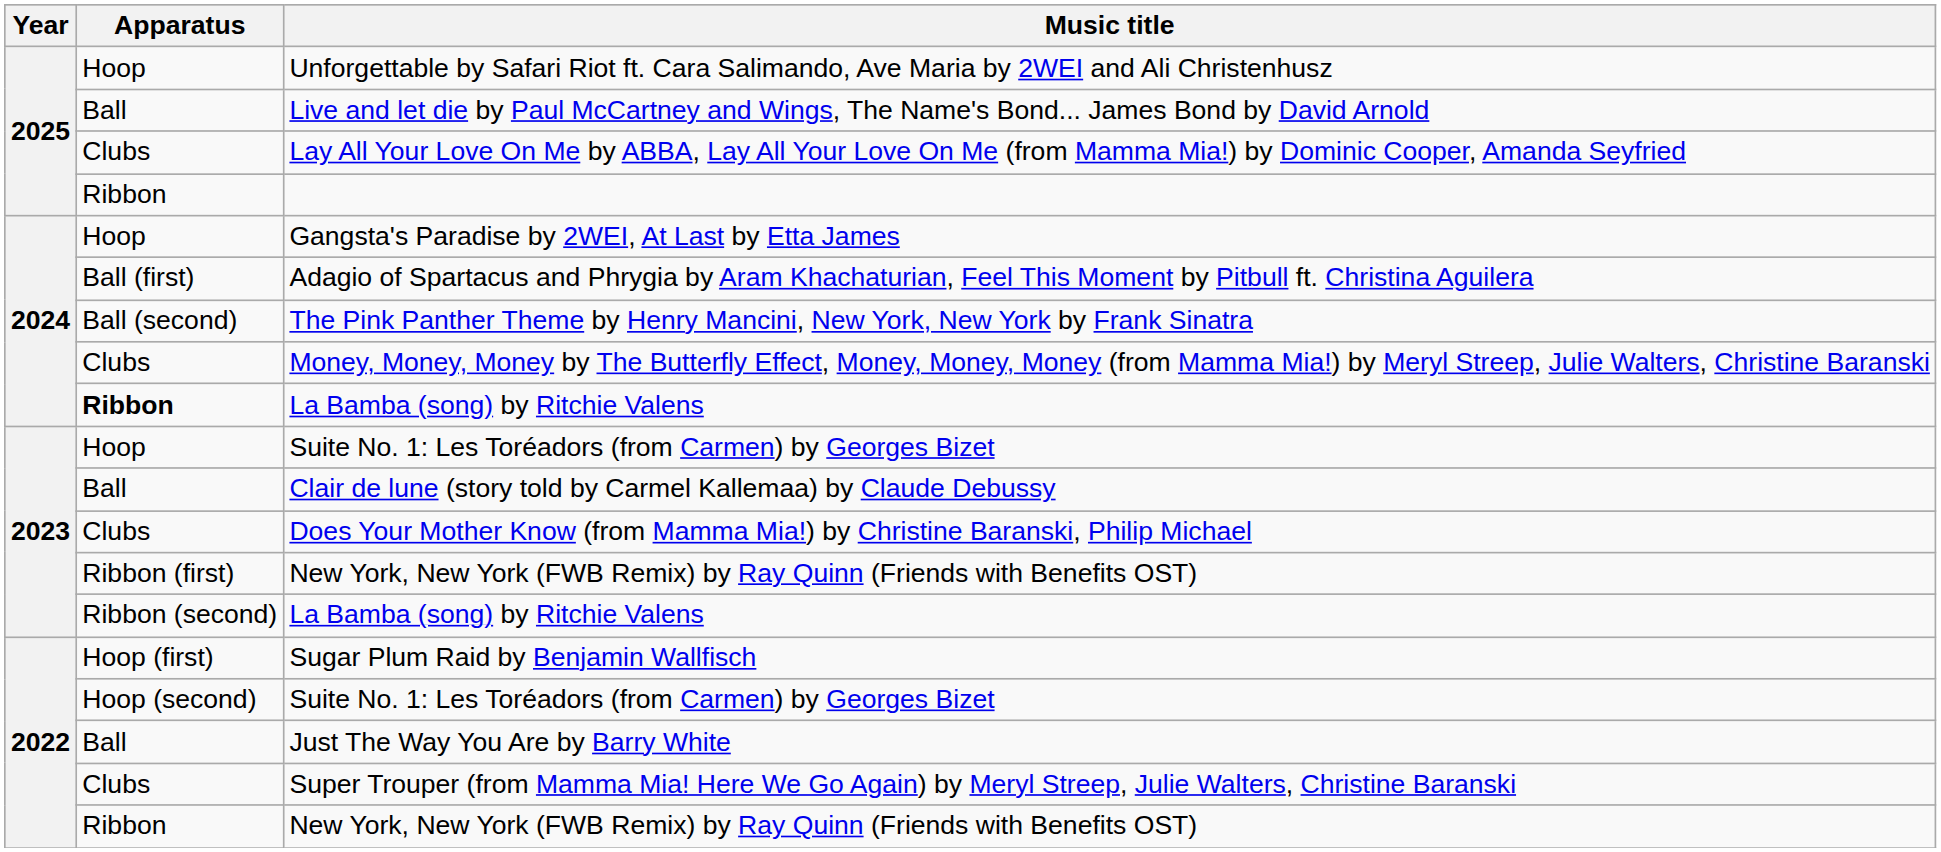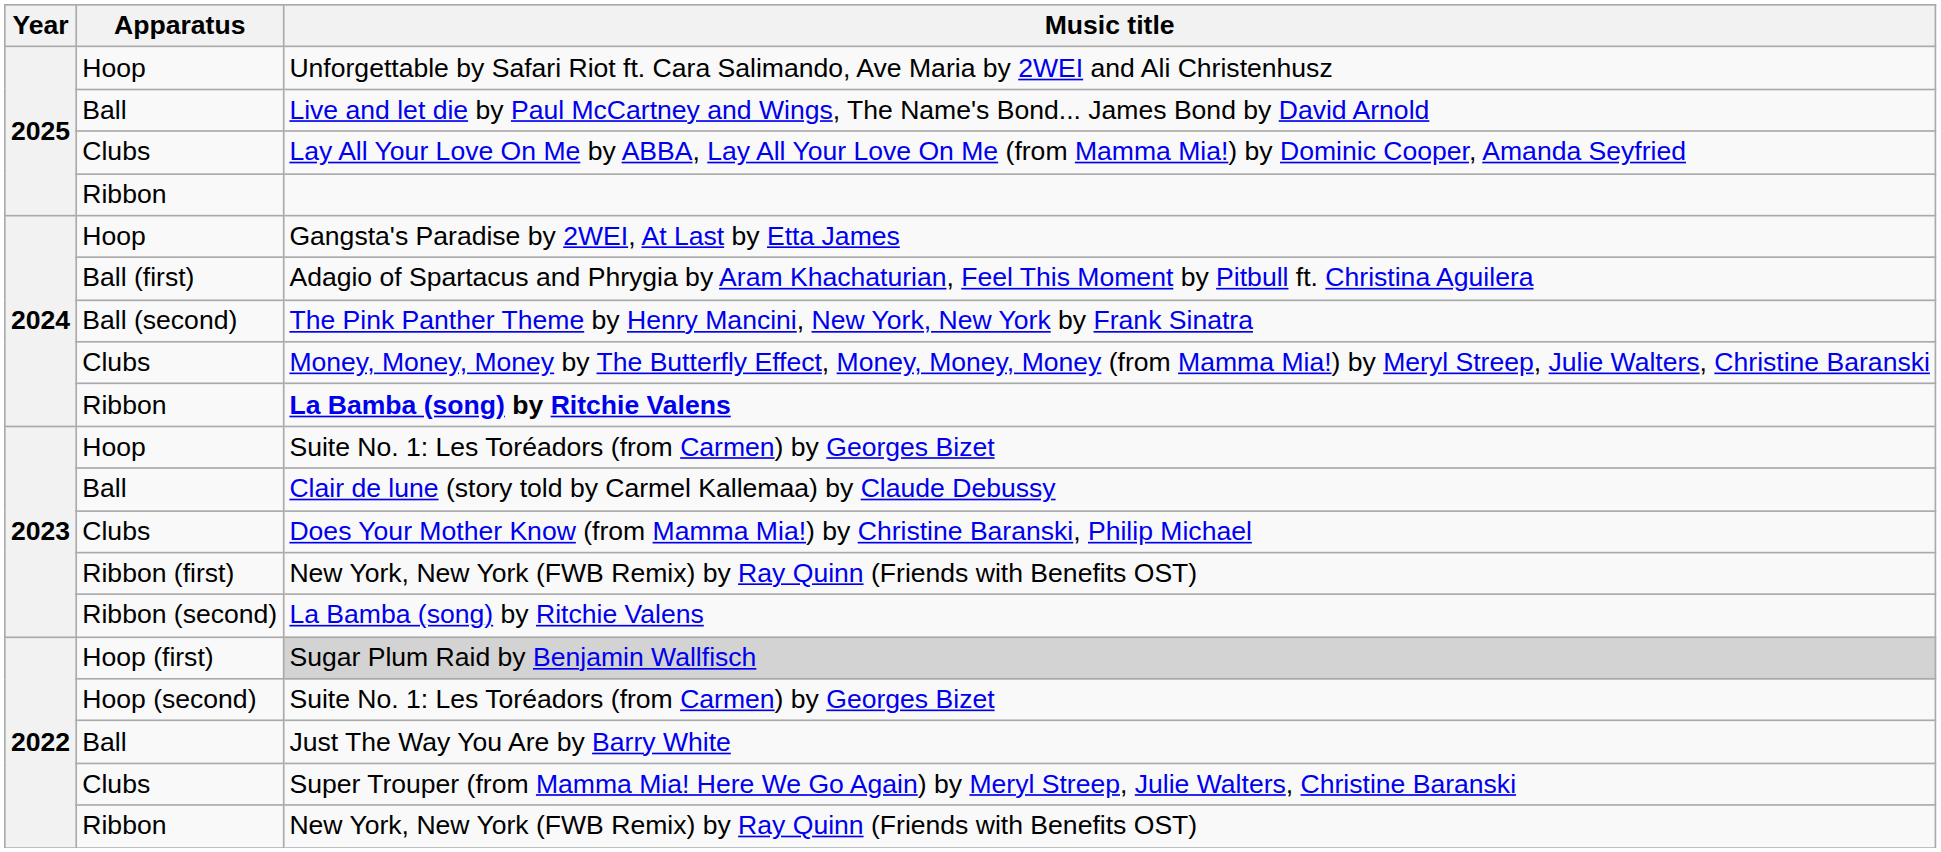 <table class="wikitable plainrowheaders">
 <tr>
 <th scope=col>Year</th>
 <th scope=col>Apparatus</th>
 <th scope=col>Music title</th>
 </tr>
 <tr>
 <th rowspan="4">2025</th>
 <td>Hoop</td>
 <td>Unforgettable by Safari Riot ft. Cara Salimando, Ave Maria by <a href='#'>2WEI</a> and Ali Christenhusz</td>
 </tr>
 <tr>
 <td>Ball</td>
 <td><a href='#'>Live and let die</a> by <a href='#'>Paul McCartney and Wings</a>, The Name's Bond... James Bond by <a href='#'>David Arnold</a></td>
 </tr>
 <tr>
 <td>Clubs</td>
 <td><a href='#'>Lay All Your Love On Me</a> by <a href='#'>ABBA</a>, <a href='#'>Lay All Your Love On Me</a> (from <a href='#'>Mamma Mia!</a>) by <a href='#'>Dominic Cooper</a>, <a href='#'>Amanda Seyfried</a></td>
 </tr>
 <tr>
 <td>Ribbon</td>
 <td></td>
 </tr>
 <tr>
 <th rowspan="5">2024</th>
 <td>Hoop</td>
 <td>Gangsta's Paradise by <a href='#'>2WEI</a>, <a href='#'>At Last</a> by <a href='#'>Etta James</a></td>
 </tr>
 <tr>
 <td>Ball (first)</td>
 <td>Adagio of Spartacus and Phrygia by <a href='#'>Aram Khachaturian</a>, <a href='#'>Feel This Moment</a> by <a href='#'>Pitbull</a> ft. <a href='#'>Christina Aguilera</a></td>
 </tr>
 <tr>
 <td>Ball (second)</td>
 <td><a href='#'>The Pink Panther Theme</a> by <a href='#'>Henry Mancini</a>, <a href='#'>New York, New York</a> by <a href='#'>Frank Sinatra</a></td>
 </tr>
 <tr>
 <td>Clubs</td>
 <td><a href='#'>Money, Money, Money</a> by <a href='#'>The Butterfly Effect</a>, <a href='#'>Money, Money, Money</a> (from <a href='#'>Mamma Mia!</a>) by <a href='#'>Meryl Streep</a>, <a href='#'>Julie Walters</a>, <a href='#'>Christine Baranski</a></td>
 </tr>
 <tr>
-<td><strong>Ribbon</strong></td>
-<td><a href='#'>La Bamba (song)</a> by <a href='#'>Ritchie Valens</a></td>
+<td>Ribbon</td>
+<td><strong><a href='#'>La Bamba (song)</a> by <a href='#'>Ritchie Valens</a></strong></td>
 </tr>
 <tr>
 <th rowspan="5" scope="row"><strong>2023</strong></th>
 <td>Hoop</td>
 <td>Suite No. 1: Les Toréadors (from <a href='#'>Carmen</a>) by <a href='#'>Georges Bizet</a></td>
 </tr>
 <tr>
 <td>Ball</td>
 <td><a href='#'>Clair de lune</a> (story told by Carmel Kallemaa) by <a href='#'>Claude Debussy</a></td>
 </tr>
 <tr>
 <td>Clubs</td>
 <td><a href='#'>Does Your Mother Know</a> (from <a href='#'>Mamma Mia!</a>) by <a href='#'>Christine Baranski</a>, <a href='#'>Philip Michael</a></td>
 </tr>
 <tr>
 <td>Ribbon (first)</td>
 <td>New York, New York (FWB Remix) by <a href='#'>Ray Quinn</a> (Friends with Benefits OST)</td>
 </tr>
 <tr>
 <td>Ribbon (second)</td>
 <td><a href='#'>La Bamba (song)</a> by <a href='#'>Ritchie Valens</a></td>
 </tr>
 <tr>
 <th rowspan="5">2022</th>
 <td>Hoop (first)</td>
-<td>Sugar Plum Raid by <a href='#'>Benjamin Wallfisch</a></td>
+<td style="background: lightgrey;">Sugar Plum Raid by <a href='#'>Benjamin Wallfisch</a></td>
 </tr>
 <tr>
 <td>Hoop (second)</td>
 <td>Suite No. 1: Les Toréadors (from <a href='#'>Carmen</a>) by <a href='#'>Georges Bizet</a></td>
 </tr>
 <tr>
 <td>Ball</td>
 <td>Just The Way You Are by <a href='#'>Barry White</a></td>
 </tr>
 <tr>
 <td>Clubs</td>
 <td>Super Trouper (from <a href='#'>Mamma Mia! Here We Go Again</a>) by <a href='#'>Meryl Streep</a>, <a href='#'>Julie Walters</a>, <a href='#'>Christine Baranski</a></td>
 </tr>
 <tr>
 <td>Ribbon</td>
 <td>New York, New York (FWB Remix) by <a href='#'>Ray Quinn</a> (Friends with Benefits OST)</td>
 </tr>
 </table>
